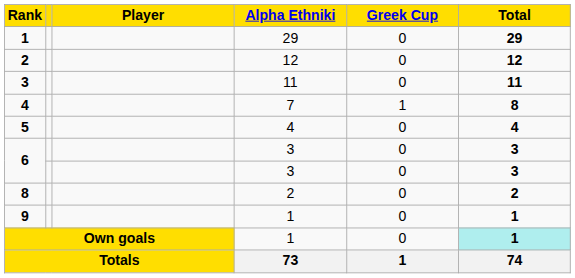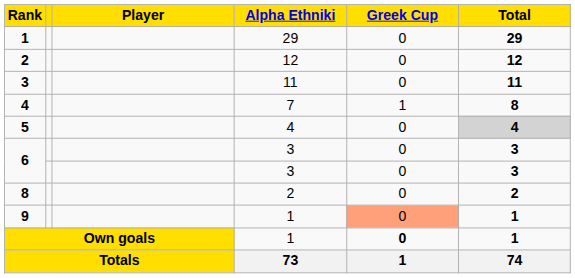 <table class="wikitable sortable" style="text-align: center">
 <tr>
 <th style="background:#FFDE00">Rank</th>
 <th style="background:#FFDE00"></th>
 <th width=200 style="background:#FFDE00">Player</th>
 <th width=120 style="background:#FFDE00"><a href='#'>Alpha Ethniki</a></th>
 <th width=120 style="background:#FFDE00"><a href='#'>Greek Cup</a></th>
 <th width=120 style="background:#FFDE00">Total</th>
 </tr>
 <tr>
 <td><strong>1</strong></td>
 <td></td>
 <td align=left></td>
 <td>29</td>
 <td>0</td>
 <td><strong>29</strong></td>
 </tr>
 <tr>
 <td><strong>2</strong></td>
 <td></td>
 <td align=left></td>
 <td>12</td>
 <td>0</td>
 <td><strong>12</strong></td>
 </tr>
 <tr>
 <td><strong>3</strong></td>
 <td></td>
 <td align=left></td>
 <td>11</td>
 <td>0</td>
 <td><strong>11</strong></td>
 </tr>
 <tr>
 <td><strong>4</strong></td>
 <td></td>
 <td align=left></td>
 <td>7</td>
 <td>1</td>
 <td><strong>8</strong></td>
 </tr>
 <tr>
 <td><strong>5</strong></td>
 <td></td>
 <td align=left></td>
 <td>4</td>
 <td>0</td>
-<td><strong>4</strong></td>
+<td style="background: lightgrey;"><strong>4</strong></td>
 </tr>
 <tr>
 <td rowspan=2><strong>6</strong></td>
 <td></td>
 <td align=left></td>
 <td>3</td>
 <td>0</td>
 <td><strong>3</strong></td>
 </tr>
 <tr>
 <td></td>
 <td align=left></td>
 <td>3</td>
 <td>0</td>
 <td><strong>3</strong></td>
 </tr>
 <tr>
 <td><strong>8</strong></td>
 <td></td>
 <td align=left></td>
 <td>2</td>
 <td>0</td>
 <td><strong>2</strong></td>
 </tr>
 <tr>
 <td><strong>9</strong></td>
 <td></td>
 <td align=left></td>
 <td>1</td>
-<td>0</td>
+<td style="background: lightsalmon;">0</td>
 <td><strong>1</strong></td>
 </tr>
 <tr class="sortbottom">
 <td colspan=3 style="background:#FFDE00"><strong>Own goals</strong></td>
 <td>1</td>
-<td>0</td>
-<td style="background: paleturquoise;"><strong>1</strong></td>
+<td><strong>0</strong></td>
+<td><strong>1</strong></td>
 </tr>
 <tr class="sortbottom">
 <th colspan=3 style="background:#FFDE00"><strong>Totals</strong></th>
 <th><strong>73</strong></th>
 <th><strong> 1</strong></th>
 <th><strong>74</strong></th>
 </tr>
 </table>
